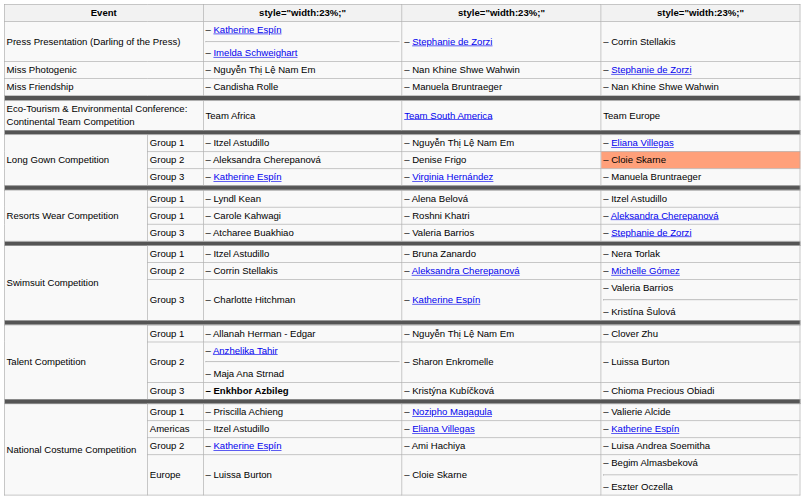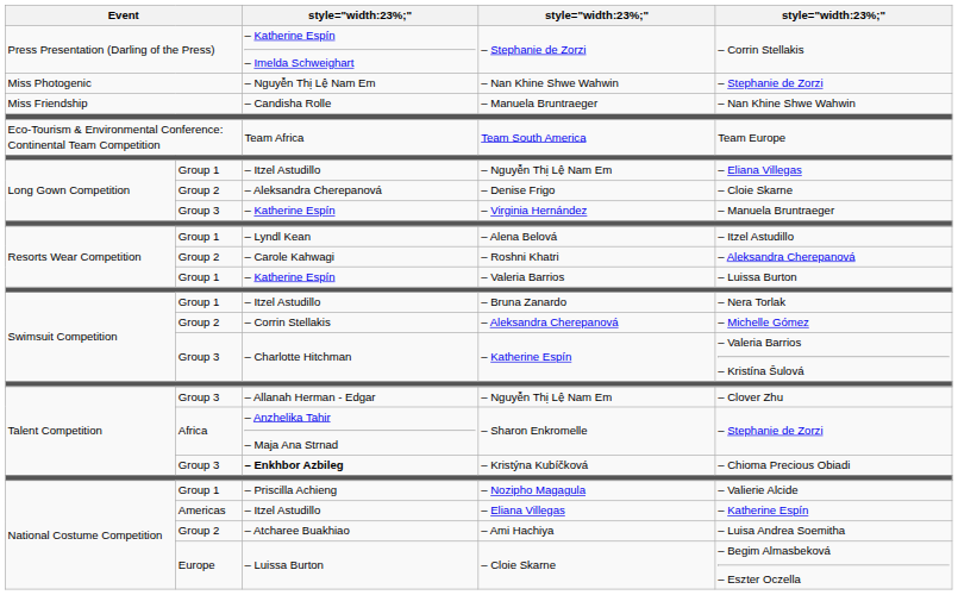 <table class="wikitable" style=" line-height:20px; width:100%; font-size: 95%;">
 <tr>
 <th colspan=2 style="width:25%;">Event</th>
 <th>style="width:23%;" </th>
 <th>style="width:23%;" </th>
 <th>style="width:23%;" </th>
 </tr>
 <tr>
 <td colspan=2>Press Presentation (Darling of the Press)</td>
 <td> – <a href='#'>Katherine Espín</a> <hr> – <a href='#'>Imelda Schweighart</a></td>
 <td> – <a href='#'>Stephanie de Zorzi</a></td>
 <td> – Corrin Stellakis</td>
 </tr>
 <tr>
 <td colspan=2>Miss Photogenic</td>
 <td> – Nguyễn Thị Lệ Nam Em</td>
 <td> – Nan Khine Shwe Wahwin</td>
 <td> – <a href='#'>Stephanie de Zorzi</a></td>
 </tr>
 <tr>
 <td colspan=2>Miss Friendship</td>
 <td> – Candisha Rolle</td>
 <td> –  Manuela Bruntraeger</td>
 <td> – Nan Khine Shwe Wahwin</td>
 </tr>
 <tr style="background:#555;">
 <td colspan=5></td>
 </tr>
 <tr>
 <td colspan=2>Eco-Tourism & Environmental Conference: Continental Team Competition</td>
 <td>Team Africa</td>
 <td><a href='#'>Team South America</a></td>
 <td>Team Europe</td>
 </tr>
 <tr style="background:#555;">
 <td colspan=5></td>
 </tr>
 <tr>
 <td scope="row" rowspan=4 style="width:18%;">Long Gown Competition</td>
 </tr>
 <tr>
 <td>Group 1</td>
 <td> – Itzel Astudillo</td>
 <td> – Nguyễn Thị Lệ Nam Em</td>
 <td> – <a href='#'>Eliana Villegas</a></td>
 </tr>
 <tr>
 <td>Group 2</td>
 <td> – Aleksandra Cherepanová</td>
 <td> – Denise Frigo</td>
-<td style="background: lightsalmon;"> – Cloie Skarne</td>
+<td> – Cloie Skarne</td>
 </tr>
 <tr>
 <td>Group 3</td>
 <td> – <a href='#'>Katherine Espín</a></td>
 <td> – <a href='#'>Virginia Hernández</a></td>
 <td> – Manuela Bruntraeger</td>
 </tr>
 <tr style="background:#555;">
 <td colspan=5></td>
 </tr>
 <tr>
 <td scope="row" rowspan=4 style="width:18%;">Resorts Wear Competition</td>
 </tr>
 <tr>
 <td>Group 1</td>
 <td> – Lyndl Kean</td>
 <td> – Alena Belová</td>
 <td> – Itzel Astudillo</td>
 </tr>
 <tr>
-<td>Group 1</td>
+<td>Group 2</td>
 <td> – Carole Kahwagi</td>
 <td> – Roshni Khatri</td>
 <td> – <a href='#'>Aleksandra Cherepanová</a></td>
 </tr>
 <tr>
-<td>Group 3</td>
-<td> – Atcharee Buakhiao</td>
+<td>Group 1</td>
+<td> – <a href='#'>Katherine Espín</a></td>
 <td> – Valeria Barrios</td>
-<td> – <a href='#'>Stephanie de Zorzi</a></td>
+<td> – Luissa Burton</td>
 </tr>
 <tr style="background:#555;">
 <td colspan=5></td>
 </tr>
 <tr>
 <td scope="row" rowspan=4 style="width:18%;">Swimsuit Competition</td>
 </tr>
 <tr>
 <td>Group 1</td>
 <td> – Itzel Astudillo</td>
 <td> – Bruna Zanardo</td>
 <td> – Nera Torlak</td>
 </tr>
 <tr>
 <td>Group 2</td>
 <td> – Corrin Stellakis</td>
 <td> – <a href='#'>Aleksandra Cherepanová</a></td>
 <td> – <a href='#'>Michelle Gómez</a></td>
 </tr>
 <tr>
 <td>Group 3</td>
 <td> – Charlotte Hitchman</td>
 <td> –  <a href='#'>Katherine Espín</a></td>
 <td> – Valeria Barrios <hr> – Kristína Šulová</td>
 </tr>
 <tr style="background:#555;">
 <td colspan=5></td>
 </tr>
 <tr>
 <td scope="row" rowspan=4 style="width:18%;">Talent Competition</td>
 </tr>
 <tr>
-<td>Group 1</td>
+<td>Group 3</td>
 <td> – Allanah Herman - Edgar</td>
 <td> – Nguyễn Thị Lệ Nam Em</td>
 <td> – Clover Zhu</td>
 </tr>
 <tr>
-<td>Group 2</td>
+<td>Africa</td>
 <td> – <a href='#'>Anzhelika Tahir</a> <hr> – Maja Ana Strnad</td>
 <td> – Sharon Enkromelle</td>
-<td> – Luissa Burton</td>
+<td> – <a href='#'>Stephanie de Zorzi</a></td>
 </tr>
 <tr>
 <td>Group 3</td>
 <td><strong> – Enkhbor Azbileg</strong></td>
 <td> – Kristýna Kubíčková</td>
 <td>  – Chioma Precious Obiadi</td>
 </tr>
 <tr style="background:#555;">
 <td colspan=5></td>
 </tr>
 <tr>
 <td scope="row" rowspan=5 style="width:18%;">National Costume Competition</td>
 </tr>
 <tr>
 <td>Group 1</td>
 <td> – Priscilla Achieng</td>
 <td> – <a href='#'>Nozipho Magagula</a></td>
 <td> – Valierie Alcide</td>
 </tr>
 <tr>
 <td>Americas</td>
 <td> – Itzel Astudillo</td>
 <td> – <a href='#'>Eliana Villegas</a></td>
 <td> – <a href='#'>Katherine Espín</a></td>
 </tr>
 <tr>
 <td>Group 2</td>
-<td> – <a href='#'>Katherine Espín</a></td>
+<td> – Atcharee Buakhiao</td>
 <td> – Ami Hachiya</td>
 <td> – Luisa Andrea Soemitha</td>
 </tr>
 <tr>
 <td>Europe</td>
 <td> – Luissa Burton</td>
 <td> – Cloie Skarne</td>
 <td> – Begim Almasbeková <hr> – Eszter Oczella</td>
 </tr>
 </table>
